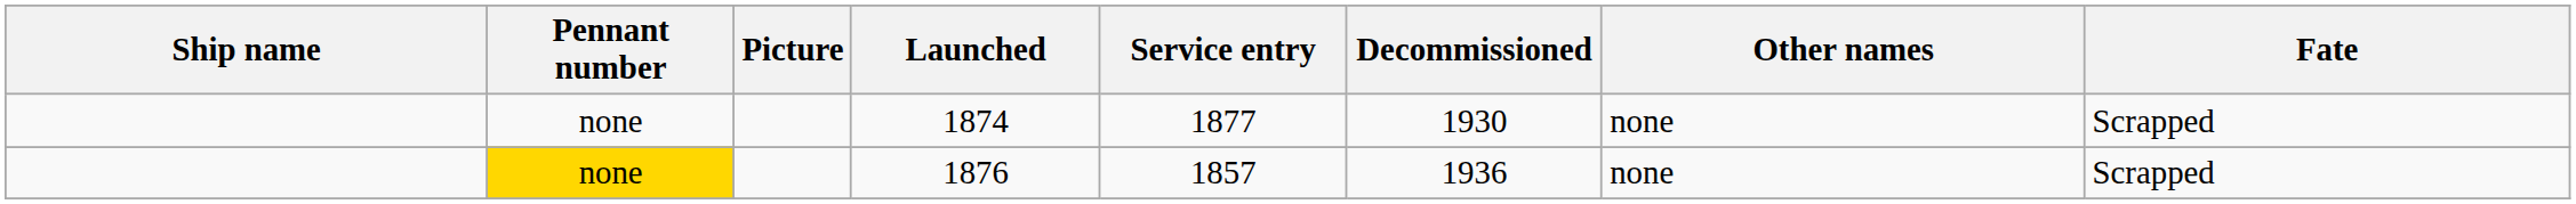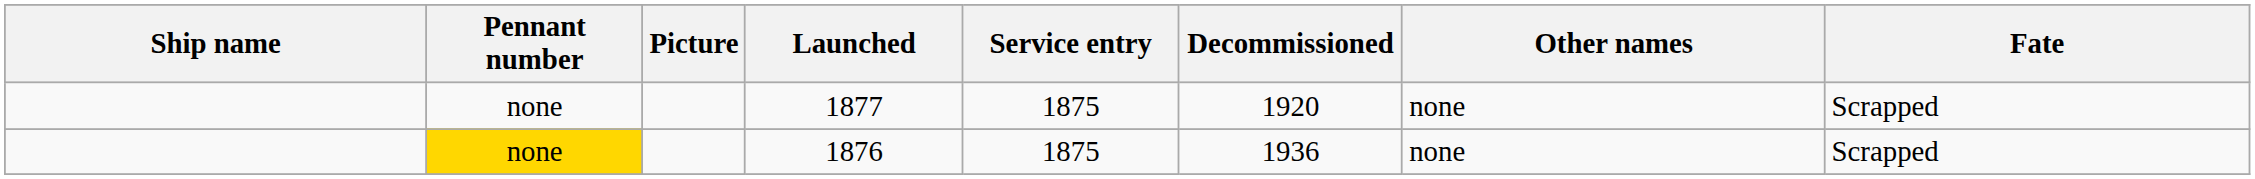 <table class="wikitable">
 <tr>
 <th width="20%">Ship name</th>
 <th width="10%">Pennant number</th>
 <th>Picture</th>
 <th width="10%">Launched</th>
 <th width="10%">Service entry</th>
 <th width="10%">Decommissioned</th>
 <th width="20%">Other names</th>
 <th width="20%">Fate</th>
 </tr>
 <tr>
 <td align="left"></td>
 <td align="center">none</td>
 <td></td>
-<td align="center">1874</td>
 <td align="center">1877</td>
-<td align="center">1930</td>
+<td align="center">1875</td>
+<td align="center">1920</td>
 <td align="left">none</td>
 <td align="left">Scrapped</td>
 </tr>
 <tr>
 <td align="left"></td>
 <td align="center" style="background: gold;">none</td>
 <td></td>
 <td align="center">1876</td>
-<td align="center">1857</td>
+<td align="center">1875</td>
 <td align="center">1936</td>
 <td align="left">none</td>
 <td align="left">Scrapped</td>
 </tr>
 </table>
